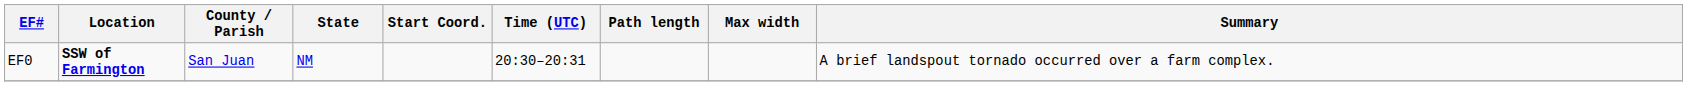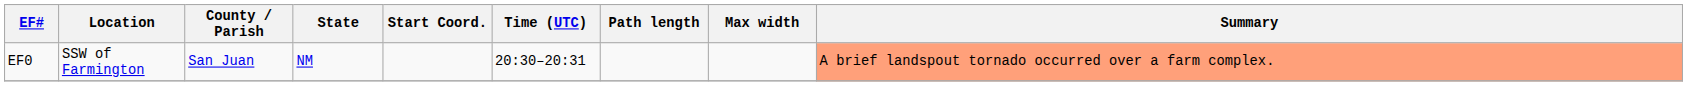 <table class="wikitable sortable" style="width:100%;">
 <tr>
 <th scope="col"  style="width:3%; text-align:center;"><a href='#'>EF#</a></th>
 <th scope="col"  style="width:7%; text-align:center;" class="unsortable">Location</th>
 <th scope="col"  style="width:6%; text-align:center;" class="unsortable">County / Parish</th>
 <th scope="col"  style="width:5%; text-align:center;">State</th>
 <th scope="col"  style="width:6%; text-align:center;">Start Coord.</th>
 <th scope="col"  style="width:6%; text-align:center;">Time (<a href='#'>UTC</a>)</th>
 <th scope="col"  style="width:6%; text-align:center;">Path length</th>
 <th scope="col"  style="width:6%; text-align:center;">Max width</th>
 <th scope="col" class="unsortable" style="width:48%; text-align:center;">Summary</th>
 </tr>
 <tr>
 <td>EF0</td>
-<td><strong>SSW of <a href='#'>Farmington</a></strong></td>
+<td>SSW of <a href='#'>Farmington</a></td>
 <td><a href='#'>San Juan</a></td>
 <td><a href='#'>NM</a></td>
 <td></td>
 <td>20:30–20:31</td>
 <td></td>
 <td></td>
-<td>A brief landspout tornado occurred over a farm complex.</td>
+<td style="background: lightsalmon;">A brief landspout tornado occurred over a farm complex.</td>
 </tr>
 <tr>
 </tr>
 </table>
